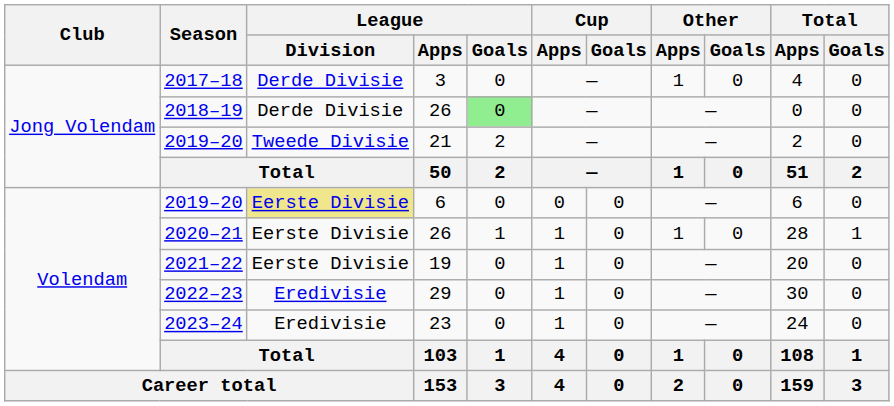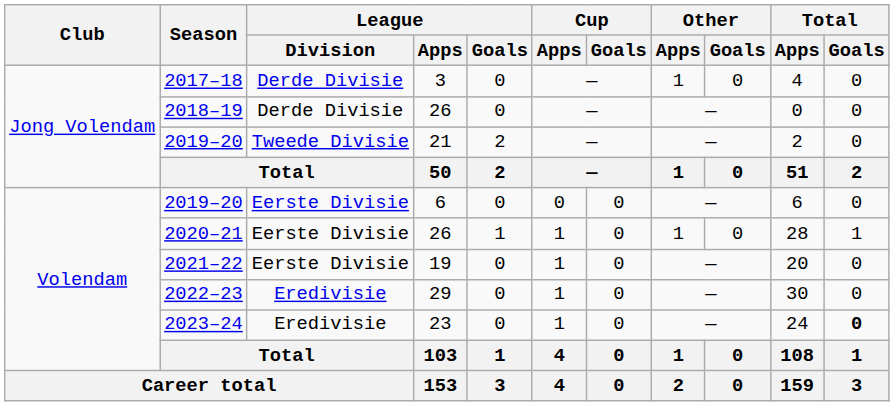 <table class="wikitable" style="text-align:center">
 <tr>
 <th rowspan="2">Club</th>
 <th rowspan="2">Season</th>
 <th colspan="3">League</th>
 <th colspan="2">Cup</th>
 <th colspan="2">Other</th>
 <th colspan="2">Total</th>
 </tr>
 <tr>
 <th>Division</th>
 <th>Apps</th>
 <th>Goals</th>
 <th>Apps</th>
 <th>Goals</th>
 <th>Apps</th>
 <th>Goals</th>
 <th>Apps</th>
 <th>Goals</th>
 </tr>
 <tr>
 <td rowspan="4"><a href='#'>Jong Volendam</a></td>
 <td><a href='#'>2017–18</a></td>
 <td><a href='#'>Derde Divisie</a></td>
 <td>3</td>
 <td>0</td>
 <td colspan="2">—</td>
 <td>1</td>
 <td>0</td>
 <td>4</td>
 <td>0</td>
 </tr>
 <tr>
 <td><a href='#'>2018–19</a></td>
 <td>Derde Divisie</td>
 <td>26</td>
-<td style="background: lightgreen;">0</td>
+<td>0</td>
 <td colspan="2">—</td>
 <td colspan="2">—</td>
 <td>0</td>
 <td>0</td>
 </tr>
 <tr>
 <td><a href='#'>2019–20</a></td>
 <td><a href='#'>Tweede Divisie</a></td>
 <td>21</td>
 <td>2</td>
 <td colspan="2">—</td>
 <td colspan="2">—</td>
 <td>2</td>
 <td>0</td>
 </tr>
 <tr>
 <th colspan="2">Total</th>
 <th>50</th>
 <th>2</th>
 <th colspan="2">—</th>
 <th>1</th>
 <th>0</th>
 <th>51</th>
 <th>2</th>
 </tr>
 <tr>
 <td rowspan="6"><a href='#'>Volendam</a></td>
 <td><a href='#'>2019–20</a></td>
-<td style="background: khaki;"><a href='#'>Eerste Divisie</a></td>
+<td><a href='#'>Eerste Divisie</a></td>
 <td>6</td>
 <td>0</td>
 <td>0</td>
 <td>0</td>
 <td colspan="2">—</td>
 <td>6</td>
 <td>0</td>
 </tr>
 <tr>
 <td><a href='#'>2020–21</a></td>
 <td>Eerste Divisie</td>
 <td>26</td>
 <td>1</td>
 <td>1</td>
 <td>0</td>
 <td>1</td>
 <td>0</td>
 <td>28</td>
 <td>1</td>
 </tr>
 <tr>
 <td><a href='#'>2021–22</a></td>
 <td>Eerste Divisie</td>
 <td>19</td>
 <td>0</td>
 <td>1</td>
 <td>0</td>
 <td colspan="2">—</td>
 <td>20</td>
 <td>0</td>
 </tr>
 <tr>
 <td><a href='#'>2022–23</a></td>
 <td><a href='#'>Eredivisie</a></td>
 <td>29</td>
 <td>0</td>
 <td>1</td>
 <td>0</td>
 <td colspan="2">—</td>
 <td>30</td>
 <td>0</td>
 </tr>
 <tr>
 <td><a href='#'>2023–24</a></td>
 <td>Eredivisie</td>
 <td>23</td>
 <td>0</td>
 <td>1</td>
 <td>0</td>
 <td colspan="2">—</td>
 <td>24</td>
-<td>0</td>
+<td><strong>0</strong></td>
 </tr>
 <tr>
 <th colspan="2">Total</th>
 <th>103</th>
 <th>1</th>
 <th>4</th>
 <th>0</th>
 <th>1</th>
 <th>0</th>
 <th>108</th>
 <th>1</th>
 </tr>
 <tr>
 <th colspan="3">Career total</th>
 <th>153</th>
 <th>3</th>
 <th>4</th>
 <th>0</th>
 <th>2</th>
 <th>0</th>
 <th>159</th>
 <th>3</th>
 </tr>
 </table>
